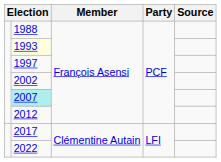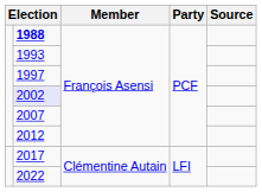 <table class="wikitable">
 <tr>
 <th colspan="2">Election</th>
 <th>Member</th>
 <th>Party</th>
 <th>Source</th>
 </tr>
 <tr>
 <td rowspan="6" style="color:inherit;background-color: "></td>
-<td><a href='#'>1988</a></td>
+<td><strong><a href='#'>1988</a></strong></td>
 <td rowspan=6><a href='#'>François Asensi</a></td>
 <td rowspan="6"><a href='#'>PCF</a></td>
 <td></td>
 </tr>
 <tr>
-<td style="background: lightyellow;"><a href='#'>1993</a></td>
+<td><a href='#'>1993</a></td>
 <td></td>
 </tr>
 <tr>
 <td><a href='#'>1997</a></td>
 <td></td>
 </tr>
 <tr>
-<td><a href='#'>2002</a></td>
+<td style="background: lavender;"><a href='#'>2002</a></td>
 <td></td>
 </tr>
 <tr>
-<td style="background: paleturquoise;"><a href='#'>2007</a></td>
+<td><a href='#'>2007</a></td>
 <td></td>
 </tr>
 <tr>
 <td><a href='#'>2012</a></td>
 <td></td>
 </tr>
 <tr>
 <td rowspan="2" style="color:inherit;background-color: "></td>
 <td><a href='#'>2017</a></td>
 <td rowspan="2"><a href='#'>Clémentine Autain</a></td>
 <td rowspan="2"><a href='#'>LFI</a></td>
 <td></td>
 </tr>
 <tr>
 <td><a href='#'>2022</a></td>
 <td></td>
 </tr>
 </table>
